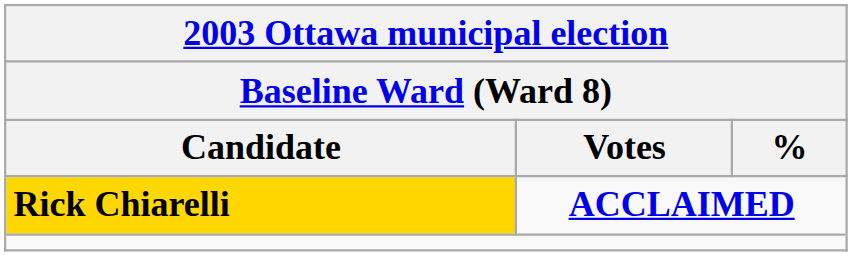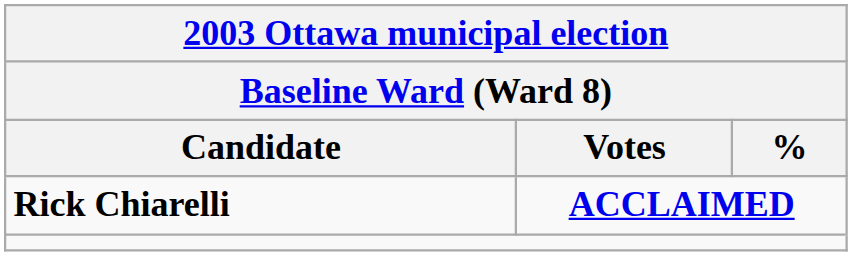 <table class="wikitable collapsible" width=375>
 <tr>
 <th colspan=3><a href='#'>2003 Ottawa municipal election</a></th>
 </tr>
 <tr style="background-color:#E9E9E9">
 <th colspan="3"><a href='#'>Baseline Ward</a> (Ward 8)</th>
 </tr>
 <tr style="background-color:#E9E9E9">
 <th width=220px>Candidate</th>
 <th>Votes</th>
 <th>%</th>
 </tr>
 <tr>
-<td style="background: gold;"><strong>Rick Chiarelli</strong></td>
+<td><strong>Rick Chiarelli</strong></td>
 <td colspan="2" align="center" style="border-bottom:none;"><strong><a href='#'>ACCLAIMED</a></strong></td>
 </tr>
 <tr>
 <td colspan=3 style="border-top:1px solid darkgray;"></td>
 </tr>
 </table>
